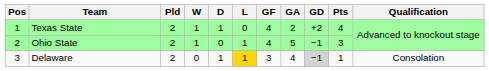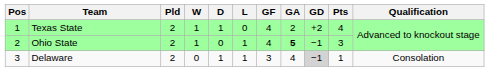 <table class="wikitable" style="text-align:center; margin: 1em auto">
 <tr>
 <th style="width:2em">Pos</th>
 <th style="width:13em">Team</th>
 <th style="width:2em">Pld</th>
 <th style="width:2em">W</th>
 <th style="width:2em">D</th>
 <th style="width:2em">L</th>
 <th style="width:2em">GF</th>
 <th style="width:2em">GA</th>
 <th style="width:2em">GD</th>
 <th style="width:2em">Pts</th>
 <th style="width:13em">Qualification</th>
 </tr>
 <tr bgcolor="#9eff9e">
 <td>1</td>
 <td style="text-align:left">Texas State</td>
 <td>2</td>
 <td>1</td>
 <td>1</td>
 <td>0</td>
 <td>4</td>
 <td>2</td>
 <td>+2</td>
 <td>4</td>
 <td rowspan="2">Advanced to knockout stage</td>
 </tr>
 <tr bgcolor="#9eff9e">
 <td>2</td>
 <td style="text-align:left">Ohio State</td>
 <td>2</td>
 <td>1</td>
 <td>0</td>
 <td>1</td>
 <td>4</td>
-<td>5</td>
+<td><strong>5</strong></td>
 <td>−1</td>
 <td>3</td>
 </tr>
 <tr>
 <td>3</td>
 <td style="text-align:left">Delaware</td>
 <td>2</td>
 <td>0</td>
 <td>1</td>
-<td style="background: gold;">1</td>
+<td>1</td>
 <td>3</td>
 <td>4</td>
 <td style="background: lightgrey;">−1</td>
 <td>1</td>
 <td>Consolation</td>
 </tr>
 </table>
